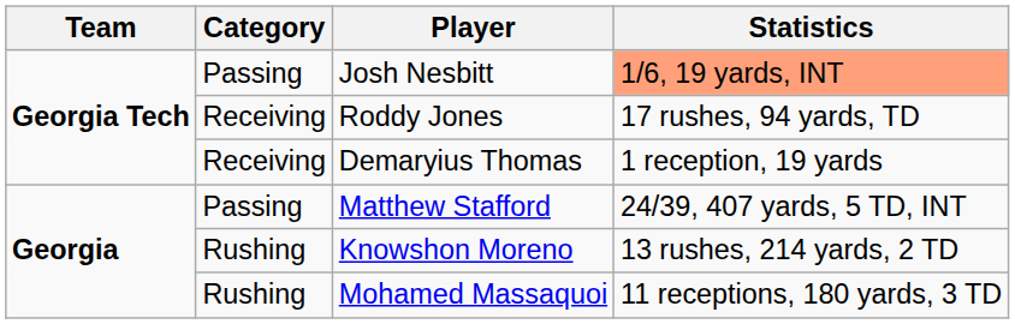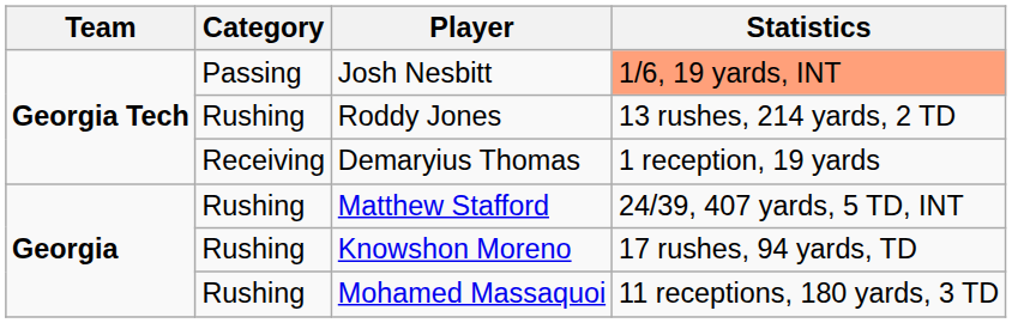 <table class="wikitable" style="float: right;">
 <tr>
 <th>Team</th>
 <th>Category</th>
 <th>Player</th>
 <th>Statistics</th>
 </tr>
 <tr>
 <td rowspan=3><strong>Georgia Tech</strong></td>
 <td>Passing</td>
 <td>Josh Nesbitt</td>
 <td style="background: lightsalmon;">1/6, 19 yards, INT</td>
 </tr>
 <tr>
-<td>Receiving</td>
+<td>Rushing</td>
 <td>Roddy Jones</td>
-<td>17 rushes, 94 yards, TD</td>
+<td>13 rushes, 214 yards, 2 TD</td>
 </tr>
 <tr>
 <td>Receiving</td>
 <td>Demaryius Thomas</td>
 <td>1 reception, 19 yards</td>
 </tr>
 <tr>
 <td rowspan=3><strong>Georgia</strong></td>
-<td>Passing</td>
+<td>Rushing</td>
 <td><a href='#'>Matthew Stafford</a></td>
 <td>24/39, 407 yards, 5 TD, INT</td>
 </tr>
 <tr>
 <td>Rushing</td>
 <td><a href='#'>Knowshon Moreno</a></td>
-<td>13 rushes, 214 yards, 2 TD</td>
+<td>17 rushes, 94 yards, TD</td>
 </tr>
 <tr>
 <td>Rushing</td>
 <td><a href='#'>Mohamed Massaquoi</a></td>
 <td>11 receptions, 180 yards, 3 TD</td>
 </tr>
 </table>
